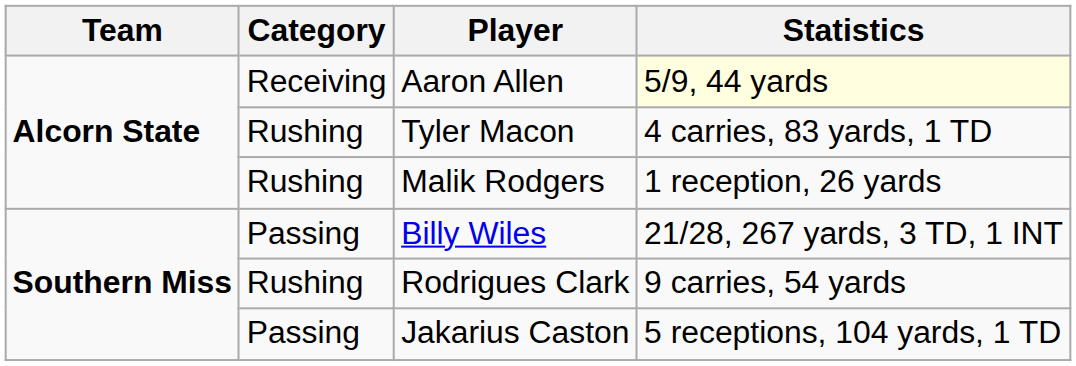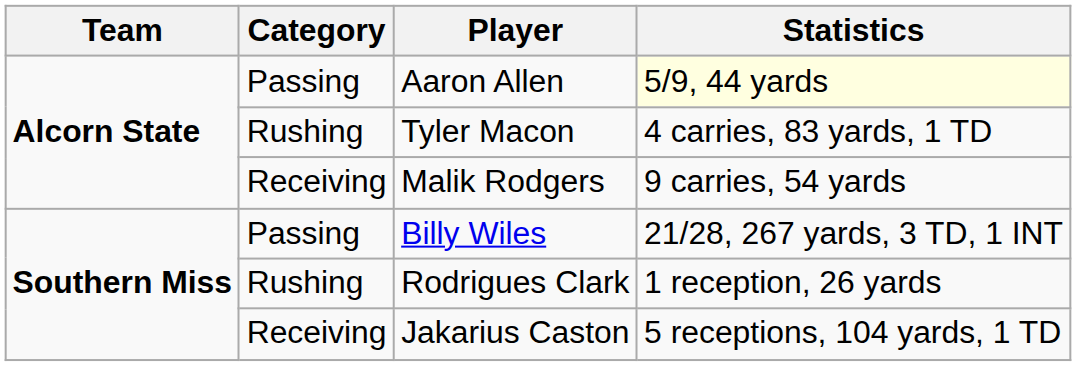 <table class="wikitable" style="float: right;">
 <tr>
 <th>Team</th>
 <th>Category</th>
 <th>Player</th>
 <th>Statistics</th>
 </tr>
 <tr>
 <td rowspan=3><strong>Alcorn State</strong></td>
-<td>Receiving</td>
+<td>Passing</td>
 <td>Aaron Allen</td>
 <td style="background: lightyellow;">5/9, 44 yards</td>
 </tr>
 <tr>
 <td>Rushing</td>
 <td>Tyler Macon</td>
 <td>4 carries, 83 yards, 1 TD</td>
 </tr>
 <tr>
-<td>Rushing</td>
+<td>Receiving</td>
 <td>Malik Rodgers</td>
-<td>1 reception, 26 yards</td>
+<td>9 carries, 54 yards</td>
 </tr>
 <tr>
 <td rowspan=3><strong>Southern Miss</strong></td>
 <td>Passing</td>
 <td><a href='#'>Billy Wiles</a></td>
 <td>21/28, 267 yards, 3 TD, 1 INT</td>
 </tr>
 <tr>
 <td>Rushing</td>
 <td>Rodrigues Clark</td>
-<td>9 carries, 54 yards</td>
+<td>1 reception, 26 yards</td>
 </tr>
 <tr>
-<td>Passing</td>
+<td>Receiving</td>
 <td>Jakarius Caston</td>
 <td>5 receptions, 104 yards, 1 TD</td>
 </tr>
 </table>
